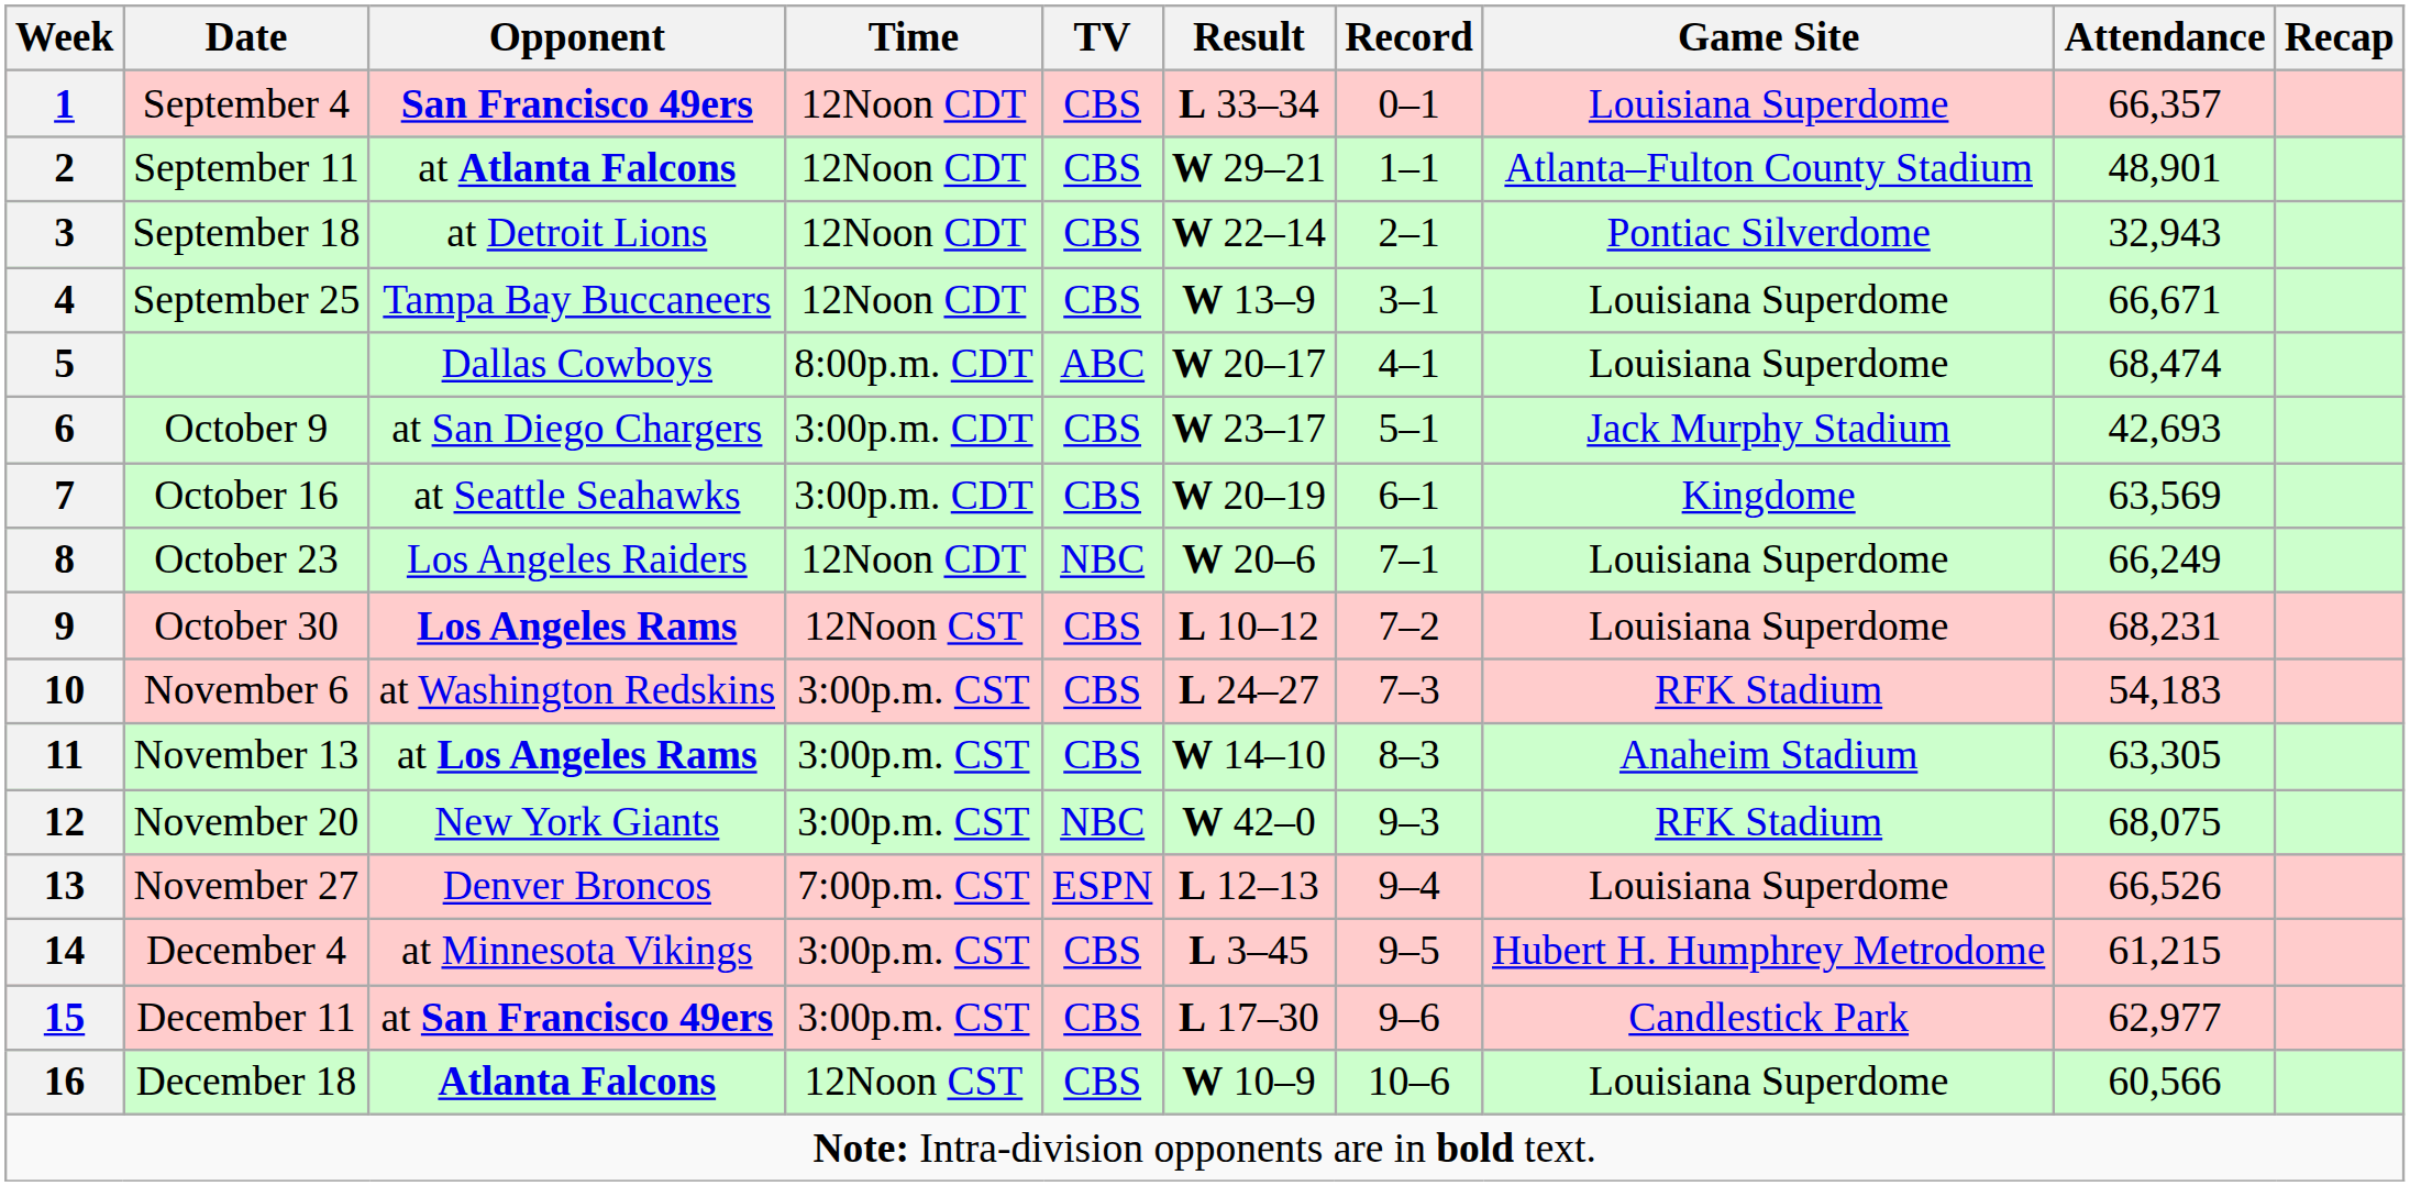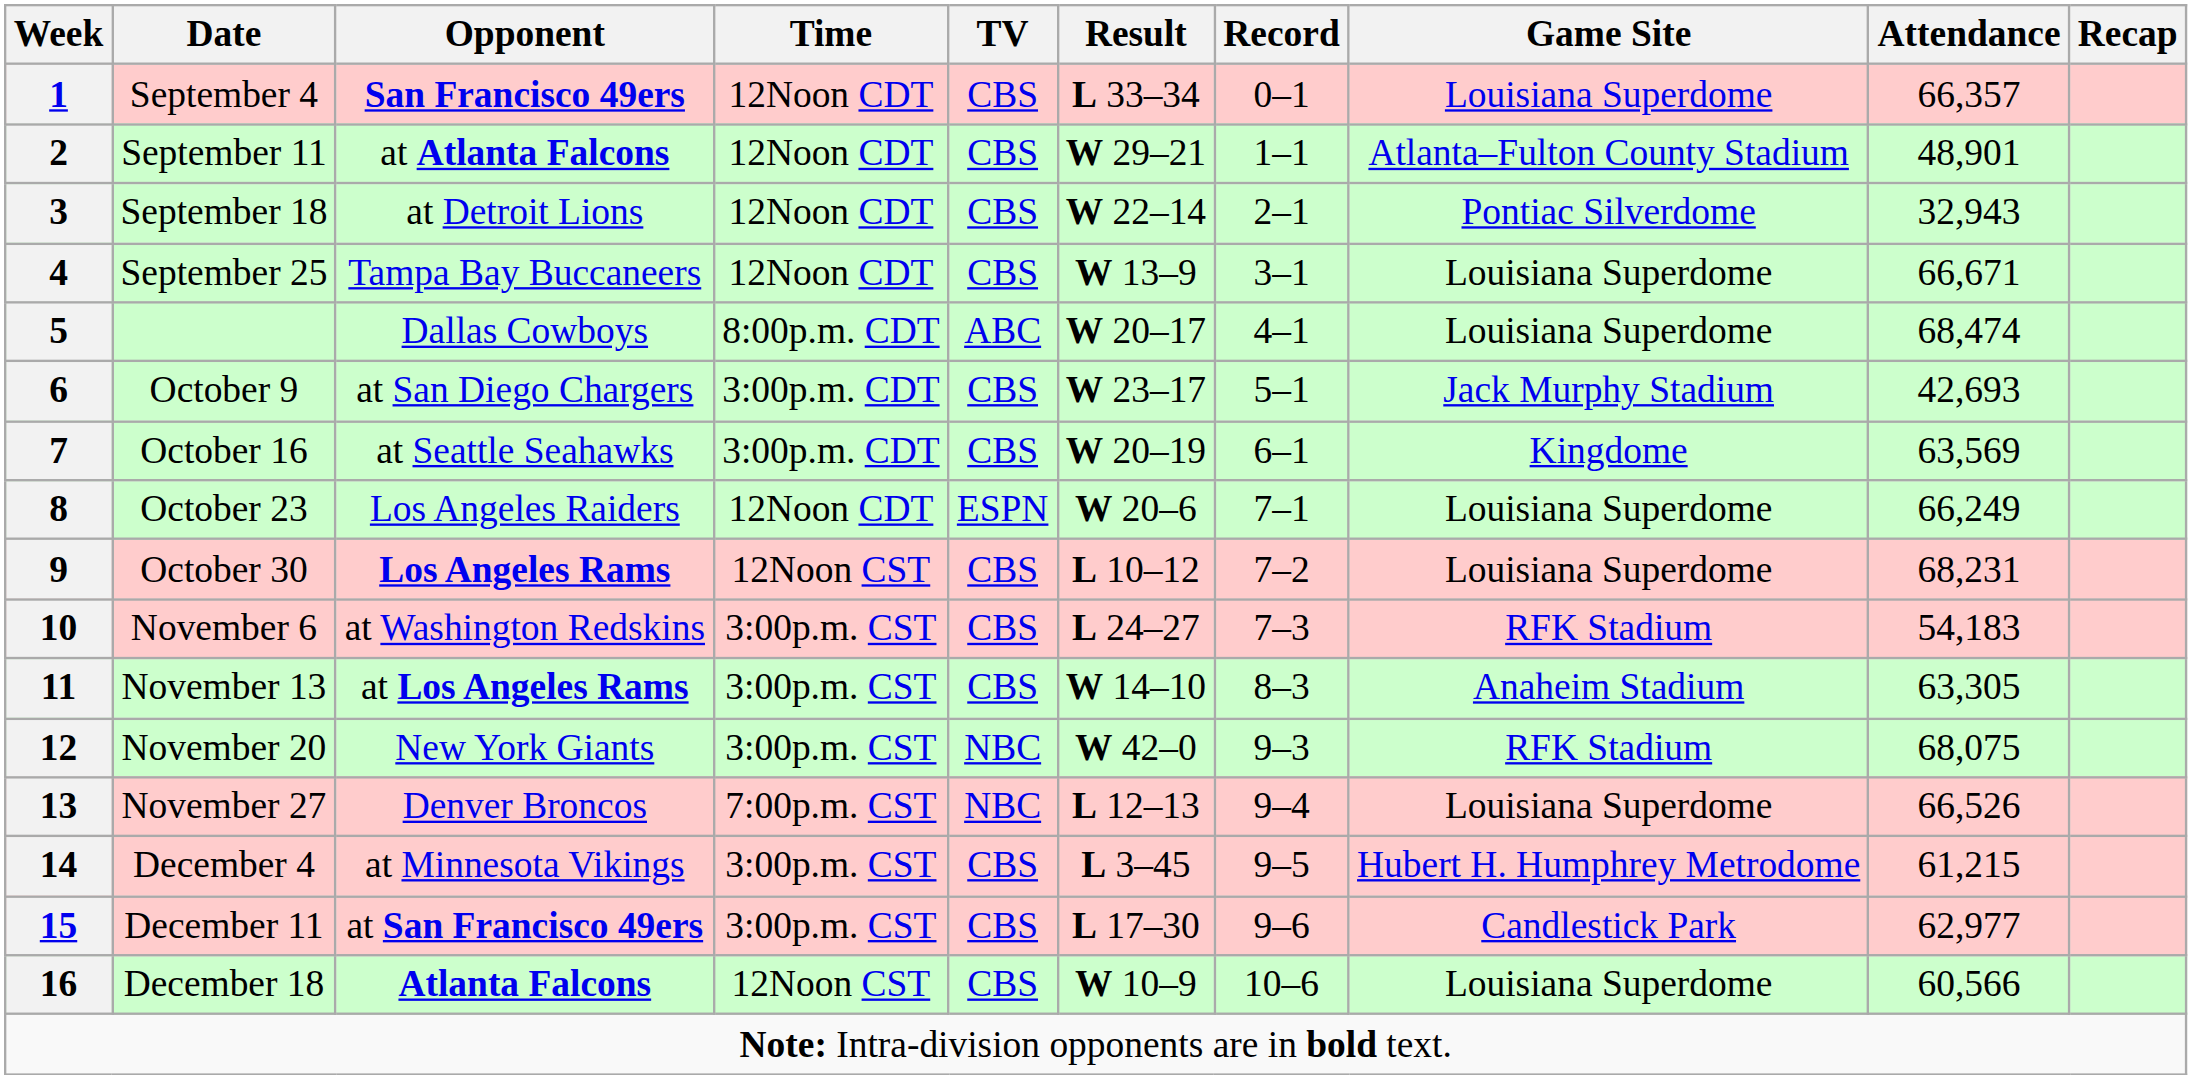 <table class="wikitable" style="text-align:center">
 <tr>
 <th>Week</th>
 <th>Date</th>
 <th>Opponent</th>
 <th>Time</th>
 <th>TV</th>
 <th>Result</th>
 <th>Record</th>
 <th>Game Site</th>
 <th>Attendance</th>
 <th>Recap</th>
 </tr>
 <tr style="background:#fcc">
 <th><a href='#'>1</a></th>
 <td>September 4</td>
 <td><strong><a href='#'>San Francisco 49ers</a></strong></td>
 <td>12Noon <a href='#'>CDT</a></td>
 <td><a href='#'>CBS</a></td>
 <td><strong>L</strong> 33–34</td>
 <td>0–1</td>
 <td><a href='#'>Louisiana Superdome</a></td>
 <td>66,357</td>
 <td></td>
 </tr>
 <tr style="background:#cfc">
 <th>2</th>
 <td>September 11</td>
 <td>at <strong><a href='#'>Atlanta Falcons</a></strong></td>
 <td>12Noon <a href='#'>CDT</a></td>
 <td><a href='#'>CBS</a></td>
 <td><strong>W</strong> 29–21</td>
 <td>1–1</td>
 <td><a href='#'>Atlanta–Fulton County Stadium</a></td>
 <td>48,901</td>
 <td></td>
 </tr>
 <tr style="background:#cfc">
 <th>3</th>
 <td>September 18</td>
 <td>at <a href='#'>Detroit Lions</a></td>
 <td>12Noon <a href='#'>CDT</a></td>
 <td><a href='#'>CBS</a></td>
 <td><strong>W</strong> 22–14</td>
 <td>2–1</td>
 <td><a href='#'>Pontiac Silverdome</a></td>
 <td>32,943</td>
 <td></td>
 </tr>
 <tr style="background:#cfc">
 <th>4</th>
 <td>September 25</td>
 <td><a href='#'>Tampa Bay Buccaneers</a></td>
 <td>12Noon <a href='#'>CDT</a></td>
 <td><a href='#'>CBS</a></td>
 <td><strong>W</strong> 13–9</td>
 <td>3–1</td>
 <td>Louisiana Superdome</td>
 <td>66,671</td>
 <td></td>
 </tr>
 <tr style="background:#cfc">
 <th>5</th>
 <td></td>
 <td><a href='#'>Dallas Cowboys</a></td>
 <td>8:00p.m. <a href='#'>CDT</a></td>
 <td><a href='#'>ABC</a></td>
 <td><strong>W</strong> 20–17</td>
 <td>4–1</td>
 <td>Louisiana Superdome</td>
 <td>68,474</td>
 <td></td>
 </tr>
 <tr style="background:#cfc">
 <th>6</th>
 <td>October 9</td>
 <td>at <a href='#'>San Diego Chargers</a></td>
 <td>3:00p.m. <a href='#'>CDT</a></td>
 <td><a href='#'>CBS</a></td>
 <td><strong>W</strong> 23–17</td>
 <td>5–1</td>
 <td><a href='#'>Jack Murphy Stadium</a></td>
 <td>42,693</td>
 <td></td>
 </tr>
 <tr style="background:#cfc">
 <th>7</th>
 <td>October 16</td>
 <td>at <a href='#'>Seattle Seahawks</a></td>
 <td>3:00p.m. <a href='#'>CDT</a></td>
 <td><a href='#'>CBS</a></td>
 <td><strong>W</strong> 20–19</td>
 <td>6–1</td>
 <td><a href='#'>Kingdome</a></td>
 <td>63,569</td>
 <td></td>
 </tr>
 <tr style="background:#cfc">
 <th>8</th>
 <td>October 23</td>
 <td><a href='#'>Los Angeles Raiders</a></td>
 <td>12Noon <a href='#'>CDT</a></td>
-<td><a href='#'>NBC</a></td>
+<td><a href='#'>ESPN</a></td>
 <td><strong>W</strong> 20–6</td>
 <td>7–1</td>
 <td>Louisiana Superdome</td>
 <td>66,249</td>
 <td></td>
 </tr>
 <tr style="background:#fcc">
 <th>9</th>
 <td>October 30</td>
 <td><strong><a href='#'>Los Angeles Rams</a></strong></td>
 <td>12Noon <a href='#'>CST</a></td>
 <td><a href='#'>CBS</a></td>
 <td><strong>L</strong> 10–12</td>
 <td>7–2</td>
 <td>Louisiana Superdome</td>
 <td>68,231</td>
 <td></td>
 </tr>
 <tr style="background:#fcc">
 <th>10</th>
 <td>November 6</td>
 <td>at <a href='#'>Washington Redskins</a></td>
 <td>3:00p.m. <a href='#'>CST</a></td>
 <td><a href='#'>CBS</a></td>
 <td><strong>L</strong> 24–27</td>
 <td>7–3</td>
 <td><a href='#'>RFK Stadium</a></td>
 <td>54,183</td>
 <td></td>
 </tr>
 <tr style="background:#cfc">
 <th>11</th>
 <td>November 13</td>
 <td>at <strong><a href='#'>Los Angeles Rams</a></strong></td>
 <td>3:00p.m. <a href='#'>CST</a></td>
 <td><a href='#'>CBS</a></td>
 <td><strong>W</strong> 14–10</td>
 <td>8–3</td>
 <td><a href='#'>Anaheim Stadium</a></td>
 <td>63,305</td>
 <td></td>
 </tr>
 <tr style="background:#cfc">
 <th>12</th>
 <td>November 20</td>
 <td><a href='#'>New York Giants</a></td>
 <td>3:00p.m. <a href='#'>CST</a></td>
 <td><a href='#'>NBC</a></td>
 <td><strong>W</strong> 42–0</td>
 <td>9–3</td>
 <td><a href='#'>RFK Stadium</a></td>
 <td>68,075</td>
 <td></td>
 </tr>
 <tr style="background:#fcc">
 <th>13</th>
 <td>November 27</td>
 <td><a href='#'>Denver Broncos</a></td>
 <td>7:00p.m. <a href='#'>CST</a></td>
-<td><a href='#'>ESPN</a></td>
+<td><a href='#'>NBC</a></td>
 <td><strong>L</strong> 12–13</td>
 <td>9–4</td>
 <td>Louisiana Superdome</td>
 <td>66,526</td>
 <td></td>
 </tr>
 <tr style="background:#fcc">
 <th>14</th>
 <td>December 4</td>
 <td>at <a href='#'>Minnesota Vikings</a></td>
 <td>3:00p.m. <a href='#'>CST</a></td>
 <td><a href='#'>CBS</a></td>
 <td><strong>L</strong> 3–45</td>
 <td>9–5</td>
 <td><a href='#'>Hubert H. Humphrey Metrodome</a></td>
 <td>61,215</td>
 <td></td>
 </tr>
 <tr style="background:#fcc">
 <th><a href='#'>15</a></th>
 <td>December 11</td>
 <td>at <strong><a href='#'>San Francisco 49ers</a></strong></td>
 <td>3:00p.m. <a href='#'>CST</a></td>
 <td><a href='#'>CBS</a></td>
 <td><strong>L</strong> 17–30</td>
 <td>9–6</td>
 <td><a href='#'>Candlestick Park</a></td>
 <td>62,977</td>
 <td></td>
 </tr>
 <tr style="background:#cfc">
 <th>16</th>
 <td>December 18</td>
 <td><strong><a href='#'>Atlanta Falcons</a></strong></td>
 <td>12Noon <a href='#'>CST</a></td>
 <td><a href='#'>CBS</a></td>
 <td><strong>W</strong> 10–9</td>
 <td>10–6</td>
 <td>Louisiana Superdome</td>
 <td>60,566</td>
 <td></td>
 </tr>
 <tr>
 <td colspan="10"><strong>Note:</strong> Intra-division opponents are in <strong>bold</strong> text.</td>
 </tr>
 </table>
